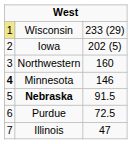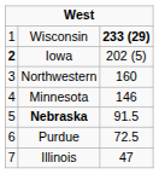 <table class="wikitable" style="display: inline-table;">
 <tr align="center">
 <td align="center" Colspan="3"><strong>West</strong><br></td>
 </tr>
 <tr align="center">
-<td style="background: khaki;">1</td>
+<td>1</td>
 <td>Wisconsin</td>
-<td>233 (29)</td>
+<td><strong>233 (29)</strong></td>
 </tr>
 <tr align="center">
-<td>2</td>
+<td><strong>2</strong></td>
 <td>Iowa</td>
 <td>202 (5)</td>
 </tr>
 <tr align="center">
 <td>3</td>
 <td>Northwestern</td>
 <td>160</td>
 </tr>
 <tr align="center">
-<td><strong>4</strong></td>
+<td>4</td>
 <td>Minnesota</td>
 <td>146</td>
 </tr>
 <tr align="center">
 <td>5</td>
 <td><strong>Nebraska</strong></td>
 <td>91.5</td>
 </tr>
 <tr align="center">
 <td>6</td>
 <td>Purdue</td>
 <td>72.5</td>
 </tr>
 <tr align="center">
 <td>7</td>
 <td>Illinois</td>
 <td>47</td>
 </tr>
 </table>
